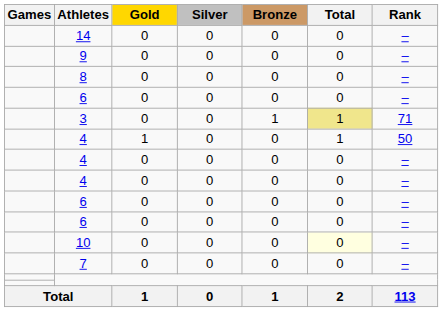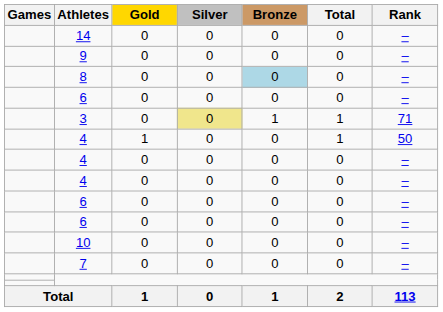 <table class="wikitable" style="text-align:center; font-size:90%;">
 <tr>
 <th>Games</th>
 <th>Athletes</th>
 <td style="background:gold; width:4.5em; font-weight:bold;">Gold</td>
 <td style="background:silver; width:4.5em; font-weight:bold;">Silver</td>
 <td style="background:#cc9966; width:4.5em; font-weight:bold;">Bronze</td>
 <th style="width:4.5em; font-weight:bold;">Total</th>
 <th style="width:4.5em; font-weight:bold;">Rank</th>
 </tr>
 <tr>
 <td align=left></td>
 <td><a href='#'>14</a></td>
 <td>0</td>
 <td>0</td>
 <td>0</td>
 <td>0</td>
 <td><a href='#'>–</a></td>
 </tr>
 <tr>
 <td align=left></td>
 <td><a href='#'>9</a></td>
 <td>0</td>
 <td>0</td>
 <td>0</td>
 <td>0</td>
 <td><a href='#'>–</a></td>
 </tr>
 <tr>
 <td align=left></td>
 <td><a href='#'>8</a></td>
 <td>0</td>
 <td>0</td>
-<td>0</td>
+<td style="background: lightblue;">0</td>
 <td>0</td>
 <td><a href='#'>–</a></td>
 </tr>
 <tr>
 <td align=left></td>
 <td><a href='#'>6</a></td>
 <td>0</td>
 <td>0</td>
 <td>0</td>
 <td>0</td>
 <td><a href='#'>–</a></td>
 </tr>
 <tr>
 <td align=left></td>
 <td><a href='#'>3</a></td>
 <td>0</td>
-<td>0</td>
+<td style="background: khaki;">0</td>
 <td>1</td>
-<td style="background: khaki;">1</td>
+<td>1</td>
 <td><a href='#'>71</a></td>
 </tr>
 <tr>
 <td align=left></td>
 <td><a href='#'>4</a></td>
 <td>1</td>
 <td>0</td>
 <td>0</td>
 <td>1</td>
 <td><a href='#'>50</a></td>
 </tr>
 <tr>
 <td align=left></td>
 <td><a href='#'>4</a></td>
 <td>0</td>
 <td>0</td>
 <td>0</td>
 <td>0</td>
 <td><a href='#'>–</a></td>
 </tr>
 <tr>
 <td align=left></td>
 <td><a href='#'>4</a></td>
 <td>0</td>
 <td>0</td>
 <td>0</td>
 <td>0</td>
 <td><a href='#'>–</a></td>
 </tr>
 <tr>
 <td align=left></td>
 <td><a href='#'>6</a></td>
 <td>0</td>
 <td>0</td>
 <td>0</td>
 <td>0</td>
 <td><a href='#'>–</a></td>
 </tr>
 <tr>
 <td align=left></td>
 <td><a href='#'>6</a></td>
 <td>0</td>
 <td>0</td>
 <td>0</td>
 <td>0</td>
 <td><a href='#'>–</a></td>
 </tr>
 <tr>
 <td align=left></td>
 <td><a href='#'>10</a></td>
 <td>0</td>
 <td>0</td>
 <td>0</td>
-<td style="background: lightyellow;">0</td>
+<td>0</td>
 <td><a href='#'>–</a></td>
 </tr>
 <tr>
 <td align=left></td>
 <td><a href='#'>7</a></td>
 <td>0</td>
 <td>0</td>
 <td>0</td>
 <td>0</td>
 <td><a href='#'>–</a></td>
 </tr>
 <tr>
 <td align=left></td>
 </tr>
 <tr>
 <td align=left></td>
 </tr>
 <tr>
 <th colspan=2>Total</th>
 <th>1</th>
 <th>0</th>
 <th>1</th>
 <th>2</th>
 <th><a href='#'>113</a></th>
 </tr>
 </table>
